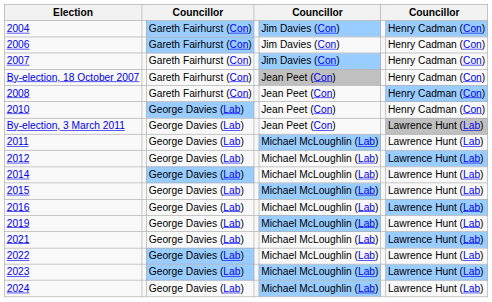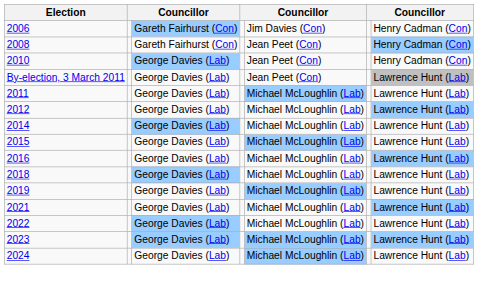 <table class="wikitable">
 <tr>
 <th>Election</th>
 <th colspan="2">Councillor</th>
 <th colspan="2">Councillor</th>
 <th colspan="2">Councillor</th>
 </tr>
 <tr>
-<td><a href='#'>2004</a></td>
-<td style="background-color: "></td>
-<td bgcolor="#99CCFF">Gareth Fairhurst (<a href='#'>Con</a>)</td>
-<td style="background-color: "></td>
-<td bgcolor="#99CCFF">Jim Davies (<a href='#'>Con</a>)</td>
-<td style="background-color: "></td>
-<td bgcolor="#99CCFF">Henry Cadman (<a href='#'>Con</a>)</td>
-</tr>
-<tr>
 <td><a href='#'>2006</a></td>
 <td style="background-color: "></td>
 <td bgcolor="#99CCFF">Gareth Fairhurst (<a href='#'>Con</a>)</td>
 <td style="background-color: "></td>
 <td>Jim Davies (<a href='#'>Con</a>)</td>
-<td style="background-color: "></td>
-<td>Henry Cadman (<a href='#'>Con</a>)</td>
-</tr>
-<tr>
-<td><a href='#'>2007</a></td>
-<td style="background-color: "></td>
-<td>Gareth Fairhurst (<a href='#'>Con</a>)</td>
-<td style="background-color: "></td>
-<td bgcolor="#99CCFF">Jim Davies (<a href='#'>Con</a>)</td>
-<td style="background-color: "></td>
-<td>Henry Cadman (<a href='#'>Con</a>)</td>
-</tr>
-<tr>
-<td><a href='#'>By-election, 18 October 2007</a></td>
-<td style="background-color: "></td>
-<td>Gareth Fairhurst (<a href='#'>Con</a>)</td>
-<td style="background-color: "></td>
-<td bgcolor="#C0C0C0">Jean Peet (<a href='#'>Con</a>)</td>
 <td style="background-color: "></td>
 <td>Henry Cadman (<a href='#'>Con</a>)</td>
 </tr>
 <tr>
 <td><a href='#'>2008</a></td>
 <td style="background-color: "></td>
 <td>Gareth Fairhurst (<a href='#'>Con</a>)</td>
 <td style="background-color: "></td>
 <td>Jean Peet (<a href='#'>Con</a>)</td>
 <td style="background-color: "></td>
 <td bgcolor="#99CCFF">Henry Cadman (<a href='#'>Con</a>)</td>
 </tr>
 <tr>
 <td><a href='#'>2010</a></td>
 <td style="background-color: "></td>
 <td bgcolor="#99CCFF">George Davies (<a href='#'>Lab</a>)</td>
 <td style="background-color: "></td>
 <td>Jean Peet (<a href='#'>Con</a>)</td>
 <td style="background-color: "></td>
 <td>Henry Cadman (<a href='#'>Con</a>)</td>
 </tr>
 <tr>
 <td><a href='#'>By-election, 3 March 2011</a></td>
 <td style="background-color: "></td>
 <td>George Davies (<a href='#'>Lab</a>)</td>
 <td style="background-color: "></td>
 <td>Jean Peet (<a href='#'>Con</a>)</td>
 <td style="background-color: "></td>
 <td bgcolor="#C0C0C0">Lawrence Hunt (<a href='#'>Lab</a>)</td>
 </tr>
 <tr>
 <td><a href='#'>2011</a></td>
 <td style="background-color: "></td>
 <td>George Davies (<a href='#'>Lab</a>)</td>
 <td style="background-color: "></td>
 <td bgcolor="#99CCFF">Michael McLoughlin (<a href='#'>Lab</a>)</td>
 <td style="background-color: "></td>
 <td>Lawrence Hunt (<a href='#'>Lab</a>)</td>
 </tr>
 <tr>
 <td><a href='#'>2012</a></td>
 <td style="background-color: "></td>
 <td>George Davies (<a href='#'>Lab</a>)</td>
 <td style="background-color: "></td>
 <td>Michael McLoughlin (<a href='#'>Lab</a>)</td>
 <td style="background-color: "></td>
 <td bgcolor="#99CCFF">Lawrence Hunt (<a href='#'>Lab</a>)</td>
 </tr>
 <tr>
 <td><a href='#'>2014</a></td>
 <td style="background-color: "></td>
 <td bgcolor="#99CCFF">George Davies (<a href='#'>Lab</a>)</td>
 <td style="background-color: "></td>
 <td>Michael McLoughlin (<a href='#'>Lab</a>)</td>
 <td style="background-color: "></td>
 <td>Lawrence Hunt (<a href='#'>Lab</a>)</td>
 </tr>
 <tr>
 <td><a href='#'>2015</a></td>
 <td style="background-color: "></td>
 <td>George Davies (<a href='#'>Lab</a>)</td>
 <td style="background-color: "></td>
 <td bgcolor="#99CCFF">Michael McLoughlin (<a href='#'>Lab</a>)</td>
 <td style="background-color: "></td>
 <td>Lawrence Hunt (<a href='#'>Lab</a>)</td>
 </tr>
 <tr>
 <td><a href='#'>2016</a></td>
 <td style="background-color: "></td>
 <td>George Davies (<a href='#'>Lab</a>)</td>
 <td style="background-color: "></td>
 <td>Michael McLoughlin (<a href='#'>Lab</a>)</td>
 <td style="background-color: "></td>
 <td bgcolor="#99CCFF">Lawrence Hunt (<a href='#'>Lab</a>)</td>
 </tr>
 <tr>
+<td><a href='#'>2018</a></td>
+<td style="background-color: "></td>
+<td bgcolor="#99CCFF">George Davies (<a href='#'>Lab</a>)</td>
+<td style="background-color: "></td>
+<td>Michael McLoughlin (<a href='#'>Lab</a>)</td>
+<td style="background-color: "></td>
+<td>Lawrence Hunt (<a href='#'>Lab</a>)</td>
+</tr>
+<tr>
 <td><a href='#'>2019</a></td>
 <td style="background-color: "></td>
 <td>George Davies (<a href='#'>Lab</a>)</td>
 <td style="background-color: "></td>
 <td bgcolor="#99CCFF">Michael McLoughlin (<a href='#'>Lab</a>)</td>
 <td style="background-color: "></td>
 <td>Lawrence Hunt (<a href='#'>Lab</a>)</td>
 </tr>
 <tr>
 <td><a href='#'>2021</a></td>
 <td style="background-color: "></td>
 <td>George Davies (<a href='#'>Lab</a>)</td>
 <td style="background-color: "></td>
 <td>Michael McLoughlin (<a href='#'>Lab</a>)</td>
 <td style="background-color: "></td>
 <td bgcolor="#99CCFF">Lawrence Hunt (<a href='#'>Lab</a>)</td>
 </tr>
 <tr>
 <td><a href='#'>2022</a></td>
 <td style="background-color: "></td>
 <td bgcolor="#99CCFF">George Davies (<a href='#'>Lab</a>)</td>
 <td style="background-color: "></td>
 <td>Michael McLoughlin (<a href='#'>Lab</a>)</td>
 <td style="background-color: "></td>
 <td>Lawrence Hunt (<a href='#'>Lab</a>)</td>
 </tr>
 <tr>
 <td><a href='#'>2023</a></td>
 <td style="background-color: "></td>
 <td bgcolor="#99CCFF">George Davies (<a href='#'>Lab</a>)</td>
 <td style="background-color: "></td>
 <td bgcolor="#99CCFF">Michael McLoughlin (<a href='#'>Lab</a>)</td>
 <td style="background-color: "></td>
 <td bgcolor="#99CCFF">Lawrence Hunt (<a href='#'>Lab</a>)</td>
 </tr>
 <tr>
 <td><a href='#'>2024</a></td>
 <td style="background-color: "></td>
 <td>George Davies (<a href='#'>Lab</a>)</td>
 <td style="background-color: "></td>
 <td bgcolor="#99CCFF">Michael McLoughlin (<a href='#'>Lab</a>)</td>
 <td style="background-color: "></td>
 <td>Lawrence Hunt (<a href='#'>Lab</a>)</td>
 </tr>
 </table>
